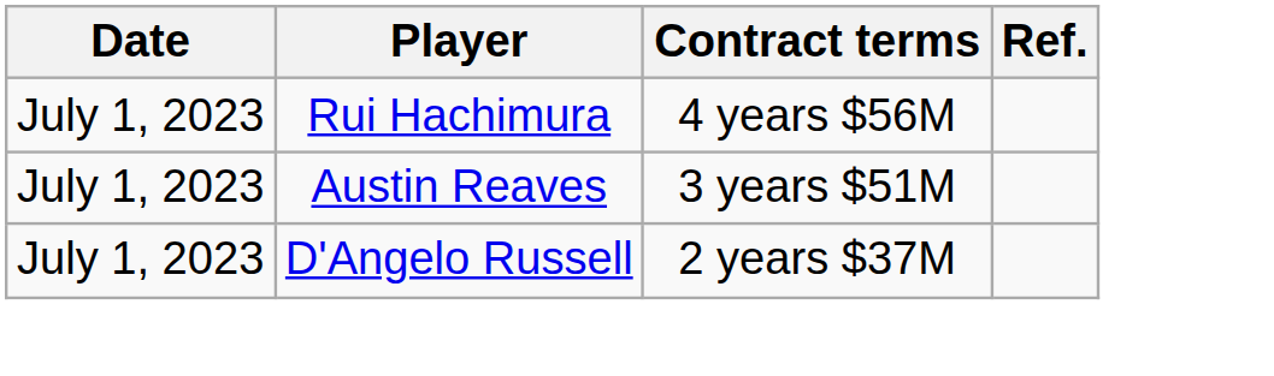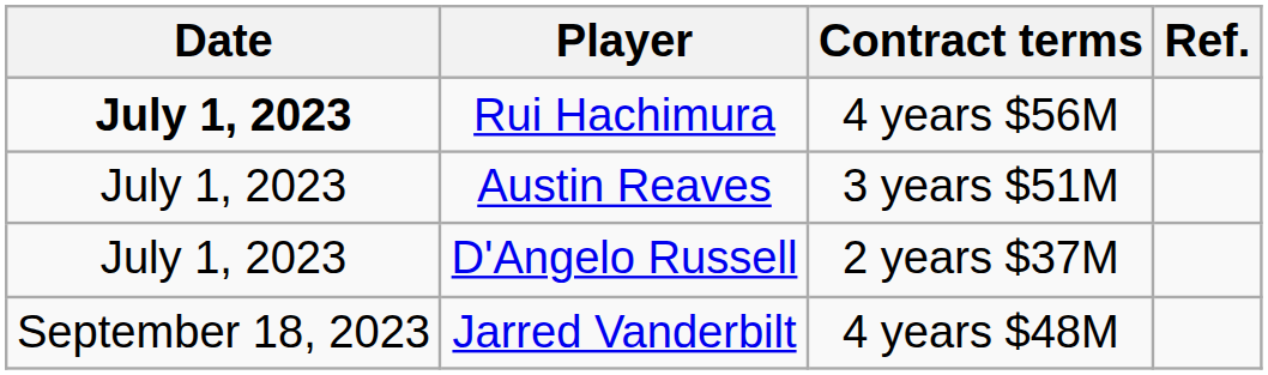 <table class="wikitable sortable sortable" style="text-align: center">
 <tr>
 <th>Date</th>
 <th>Player</th>
 <th>Contract terms</th>
 <th>Ref.</th>
 </tr>
 <tr>
-<td>July 1, 2023</td>
+<td><strong>July 1, 2023</strong></td>
 <td><a href='#'>Rui Hachimura</a></td>
 <td>4 years $56M</td>
 <td></td>
 </tr>
 <tr>
 <td>July 1, 2023</td>
 <td><a href='#'>Austin Reaves</a></td>
 <td>3 years $51M</td>
 <td></td>
 </tr>
 <tr>
 <td>July 1, 2023</td>
 <td><a href='#'>D'Angelo Russell</a></td>
 <td>2 years $37M</td>
 <td></td>
 </tr>
+<tr>
+<td>September 18, 2023</td>
+<td><a href='#'>Jarred Vanderbilt</a></td>
+<td>4 years $48M</td>
+<td></td>
+</tr>
 </table>
